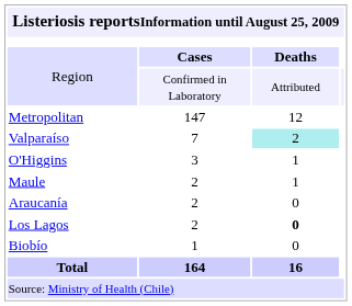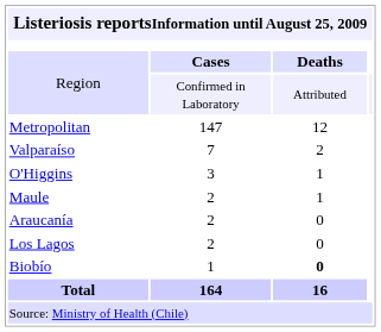 <table class="navbar" style="border:1px solid #aaa; float:right; margin-left:0.8em; font-size: 88%">
 <tr>
 <th colspan="4" align="center" style="padding:0.3em; font-size: 115%; background:#eeeeff;"><strong>Listeriosis reports</strong><small>Information until August 25, 2009</small></th>
 </tr>
 <tr style="text-align:center; background:#fff;">
 <td colspan="4"></td>
 </tr>
 <tr style="text-align:left; background:#fff;">
 <td></td>
 <td colspan="2" valign="top"></td>
 </tr>
 <tr style="text-align:center; background:#ddddff;">
 <td rowspan="2">Region</td>
 <td><strong>Cases</strong></td>
 <td><strong>Deaths</strong></td>
 </tr>
 <tr style="text-align:center; background:#eeeeff;">
 <td><small>Confirmed in</small><br><small>Laboratory</small></td>
 <td><small>Attributed</small></td>
 <td></td>
 </tr>
 <tr style="text-align:center;">
 <td align="left"><a href='#'>Metropolitan</a></td>
 <td>147</td>
 <td>12</td>
 </tr>
 <tr style="text-align:center;">
 <td align="left"><a href='#'>Valparaíso</a></td>
 <td>7</td>
-<td style="background: paleturquoise;">2</td>
+<td>2</td>
 </tr>
 <tr style="text-align:center;">
 <td align="left"><a href='#'>O'Higgins</a></td>
 <td>3</td>
 <td>1</td>
 </tr>
 <tr style="text-align:center;">
 <td align="left"><a href='#'>Maule</a></td>
 <td>2</td>
 <td>1</td>
 </tr>
 <tr style="text-align:center;">
 <td align="left"><a href='#'>Araucanía</a></td>
 <td>2</td>
 <td>0</td>
 </tr>
 <tr style="text-align:center;">
 <td align="left"><a href='#'>Los Lagos</a></td>
 <td>2</td>
-<td><strong>0</strong></td>
+<td>0</td>
 </tr>
 <tr style="text-align:center;">
 <td align="left"><a href='#'>Biobío</a></td>
 <td>1</td>
-<td>0</td>
+<td><strong>0</strong></td>
 </tr>
 <tr style="text-align:center; background:#ccccff;">
 <td><strong>Total</strong></td>
 <td><strong>164</strong></td>
 <td><strong>16</strong></td>
 </tr>
 <tr>
 <td colspan="4" style="text-align:left; background:#ddddff;"><small>Source: <a href='#'>Ministry of Health (Chile)</a></small></td>
 </tr>
 </table>
